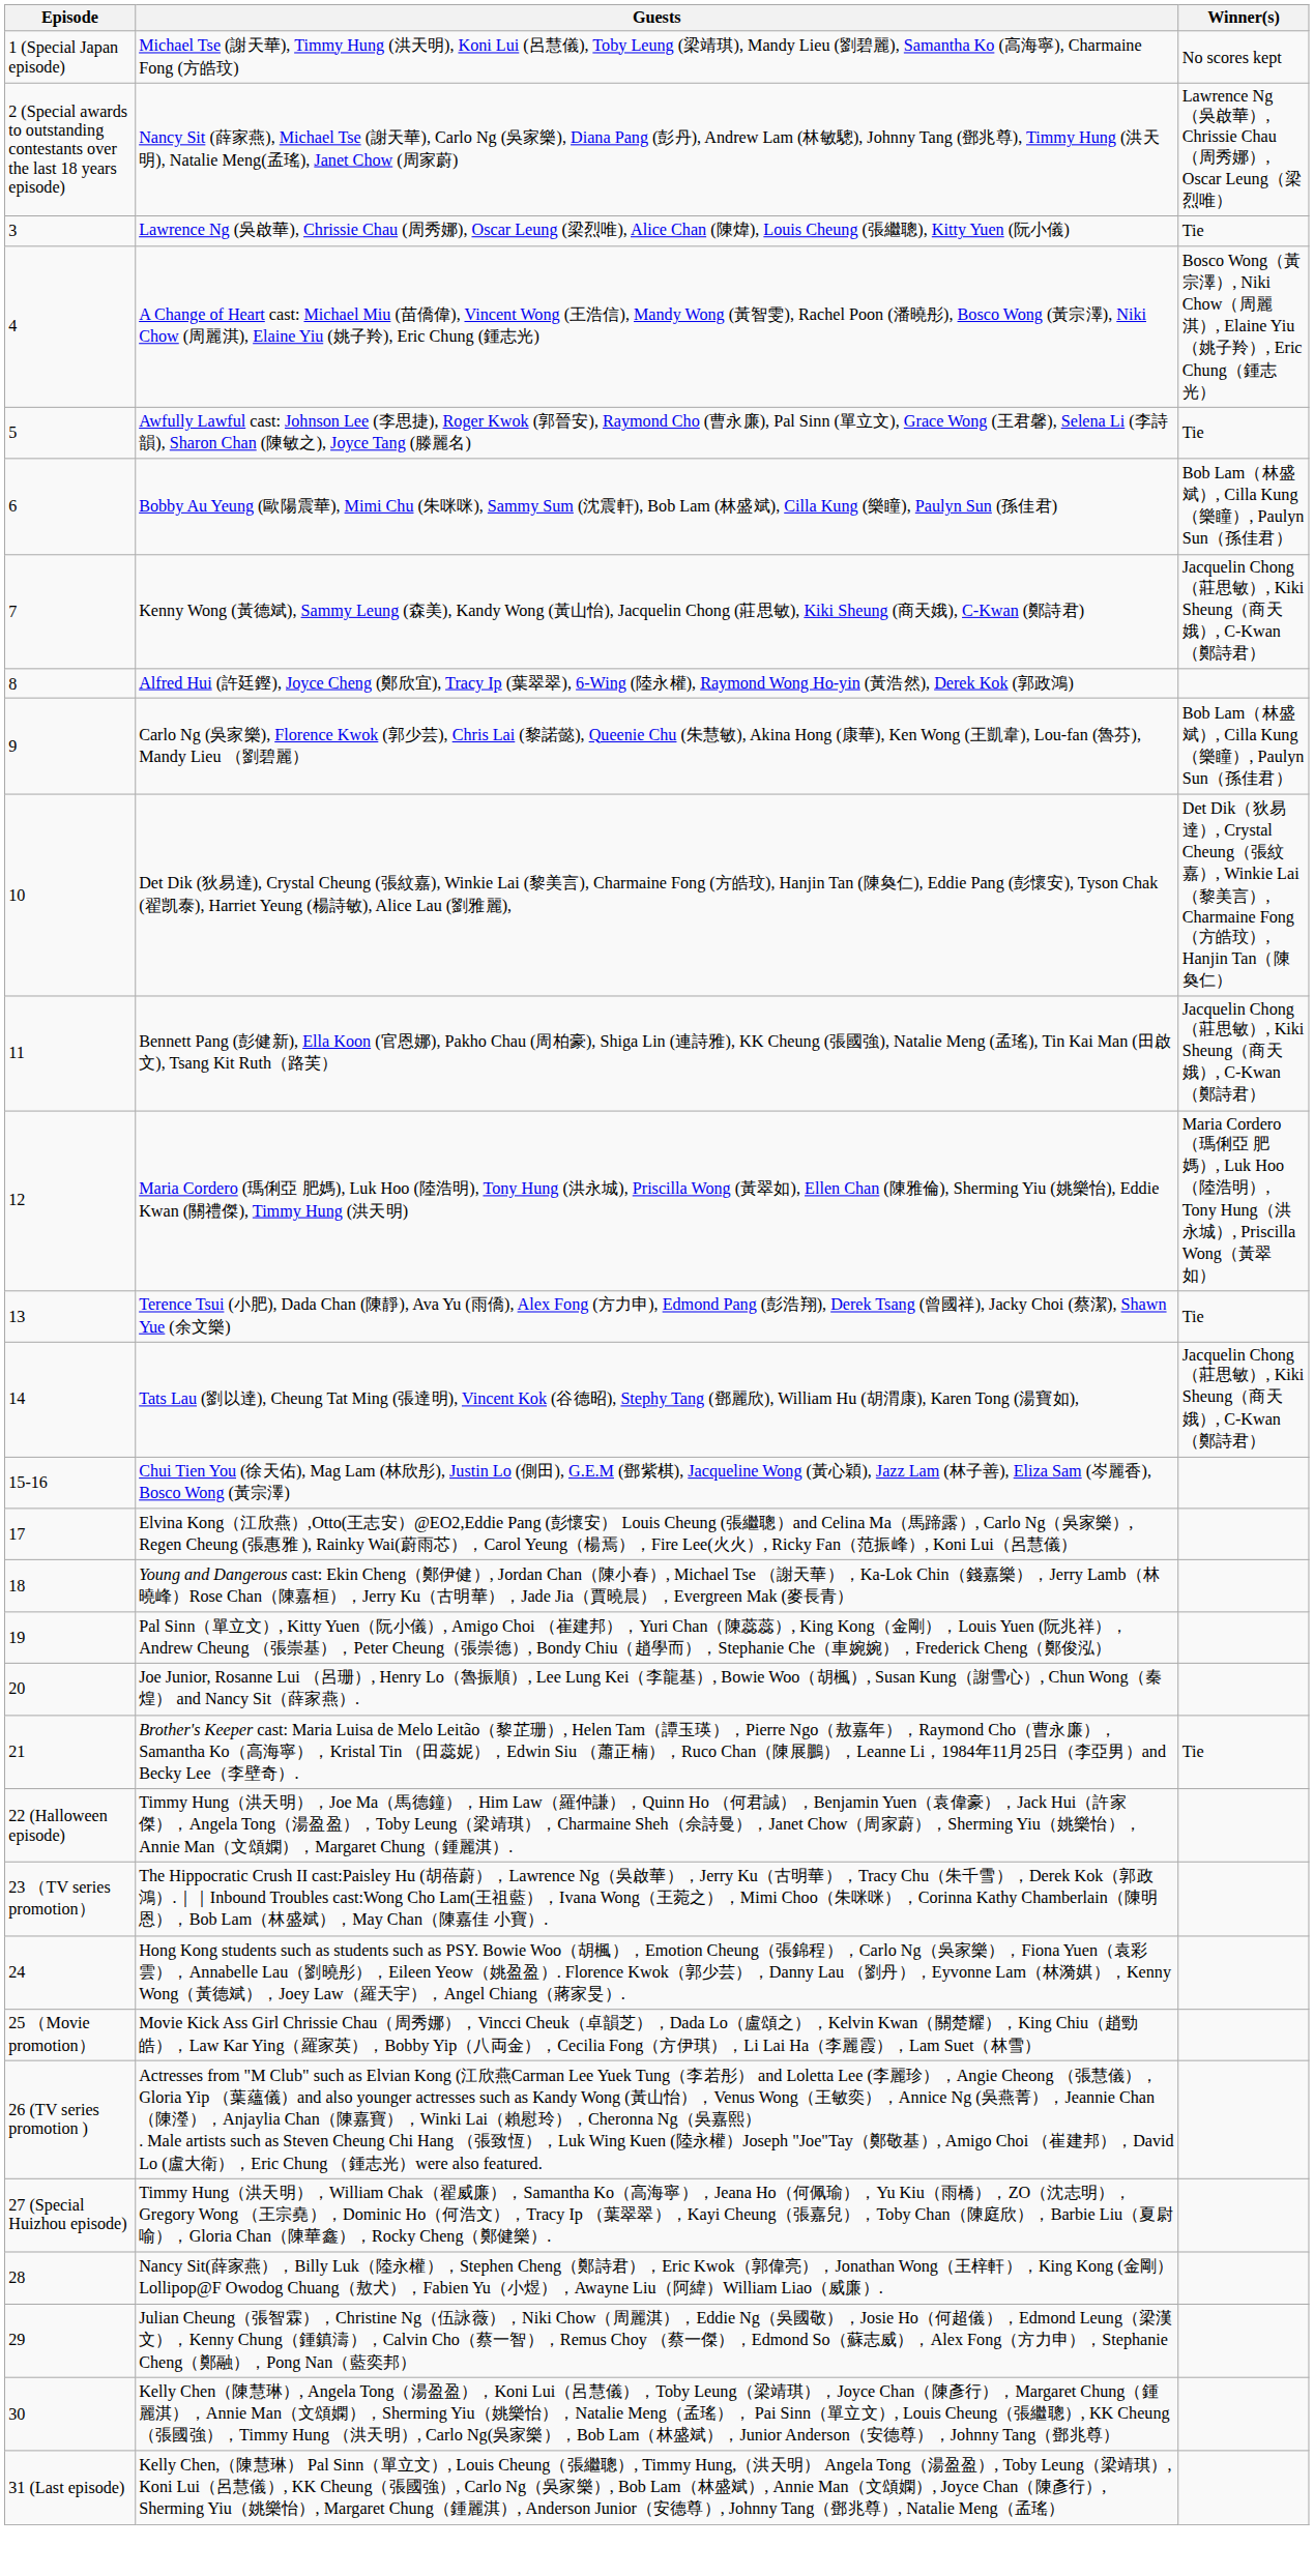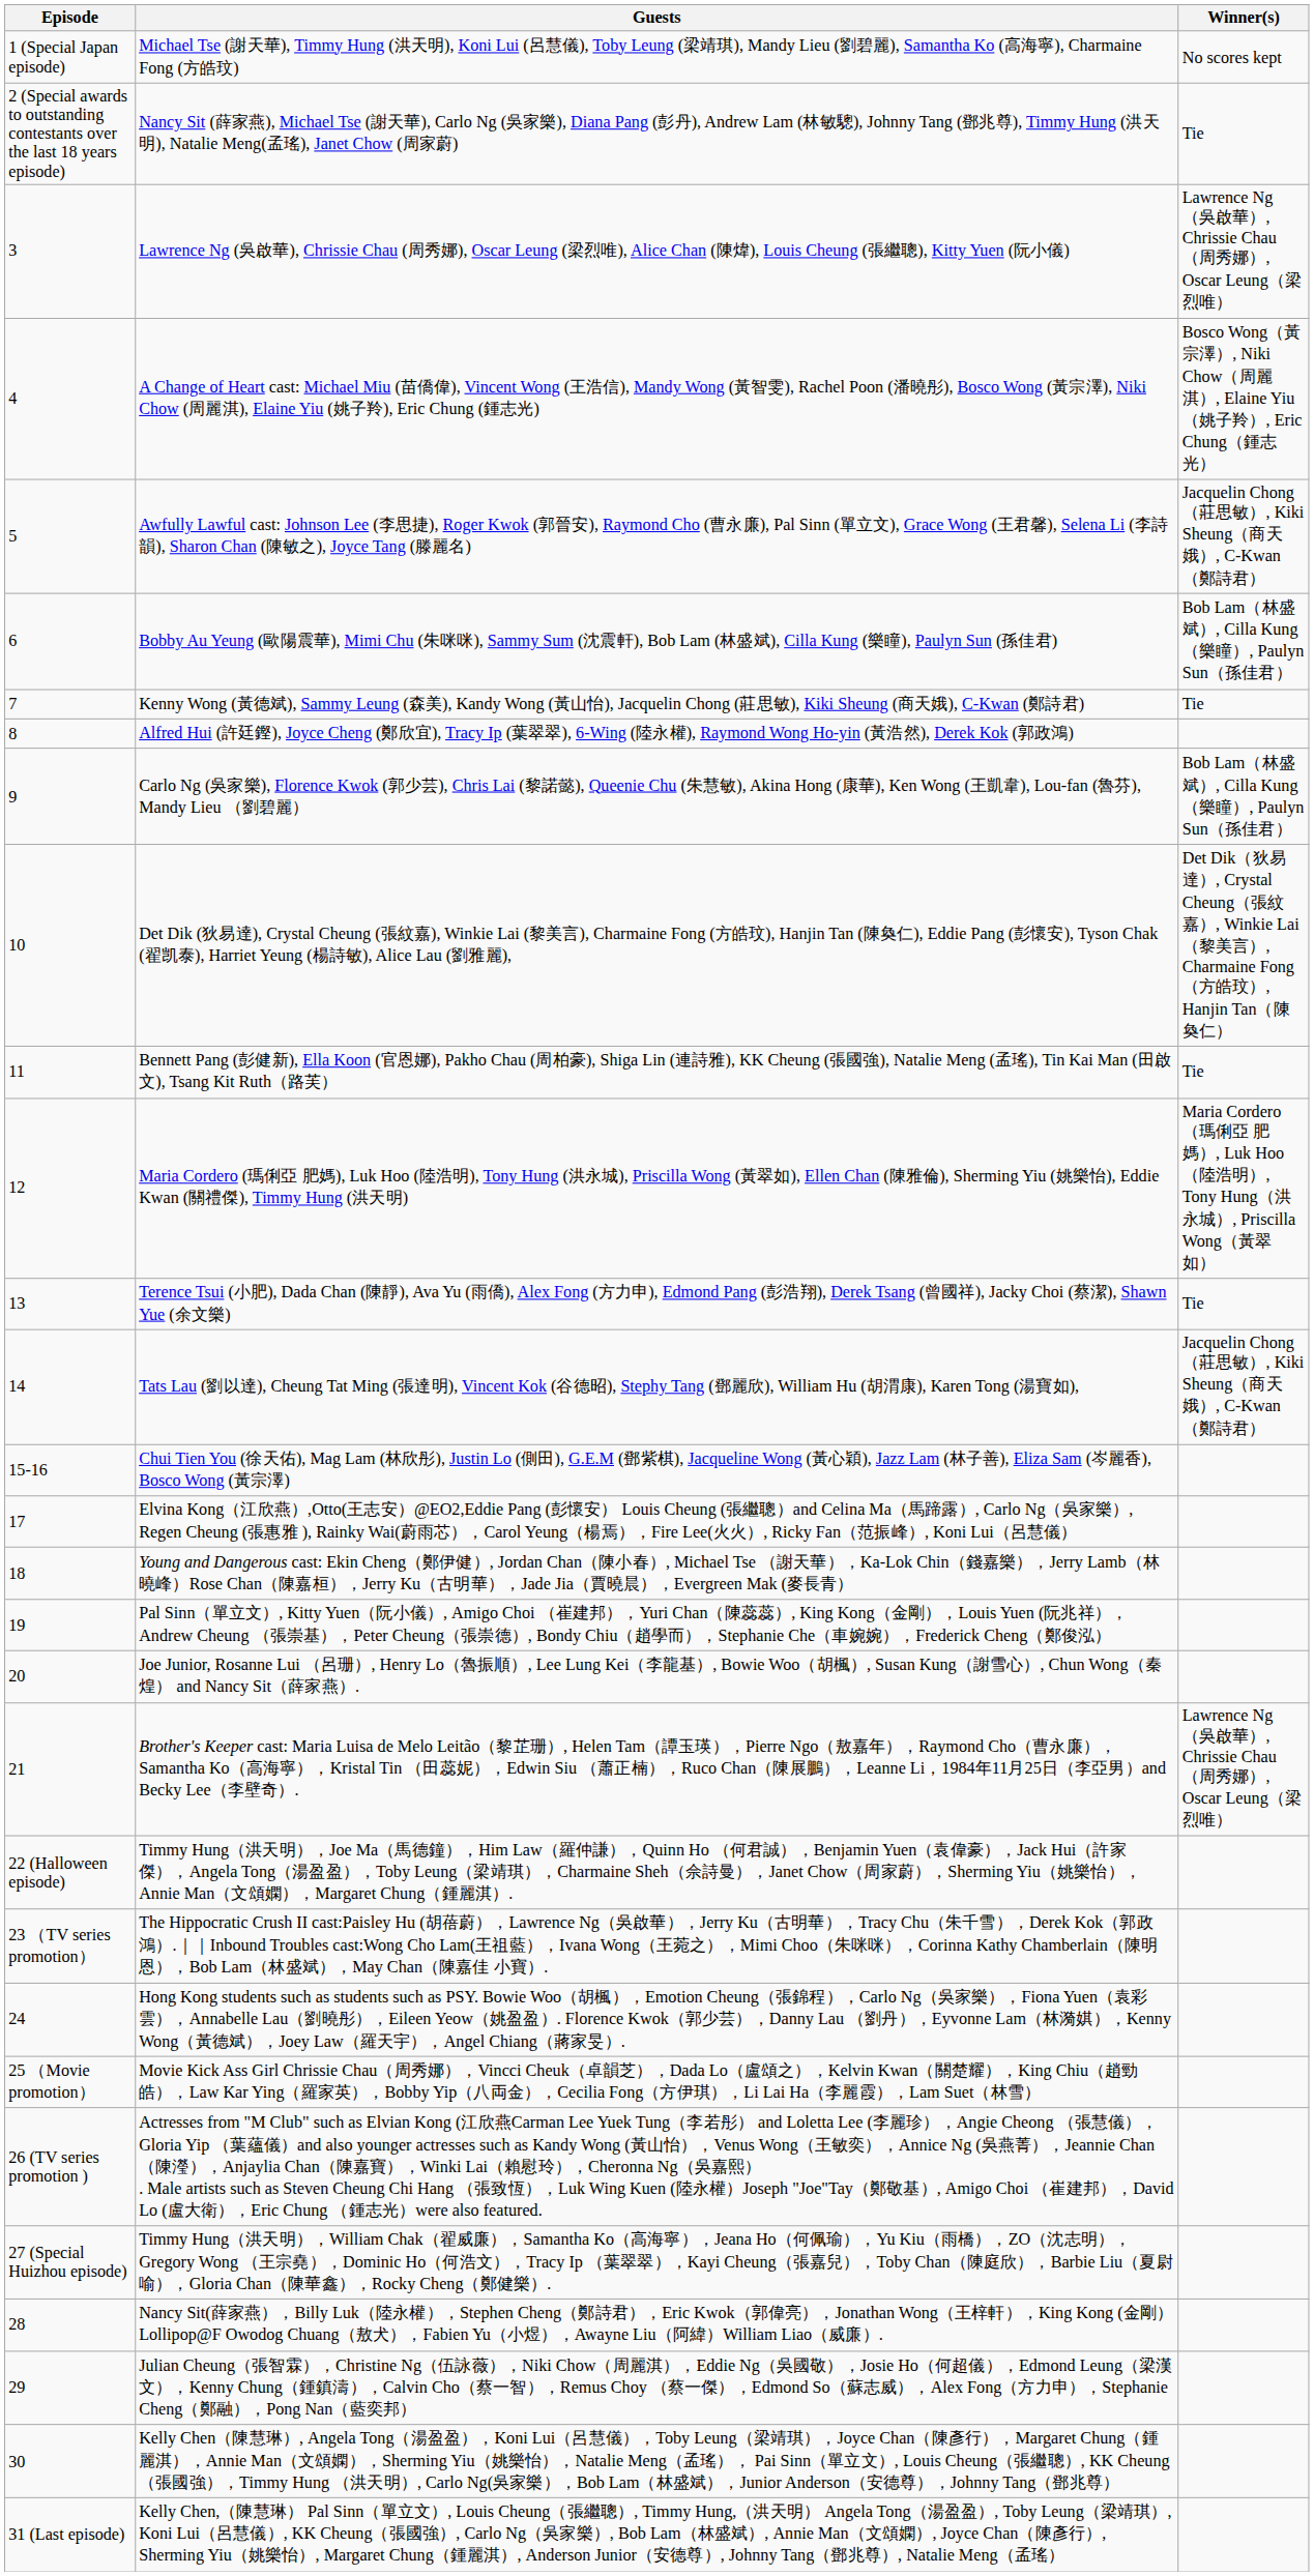 <table class="wikitable">
 <tr>
 <th style="width:10%;">Episode</th>
 <th style="width:80%;">Guests</th>
 <th style="width:10%;">Winner(s)</th>
 </tr>
 <tr>
 <td>1 (Special Japan episode)</td>
 <td><a href='#'>Michael Tse</a> (謝天華), <a href='#'>Timmy Hung</a> (洪天明),  <a href='#'>Koni Lui</a> (呂慧儀), <a href='#'>Toby Leung</a> (梁靖琪), Mandy Lieu (劉碧麗), <a href='#'>Samantha Ko</a> (高海寧), Charmaine Fong (方皓玟)</td>
 <td>No scores kept</td>
 </tr>
 <tr>
 <td>2 (Special awards to outstanding contestants over the last 18 years episode)</td>
 <td><a href='#'>Nancy Sit</a> (薛家燕), <a href='#'>Michael Tse</a> (謝天華), Carlo Ng (吳家樂), <a href='#'>Diana Pang</a> (彭丹), Andrew Lam (林敏驄), Johnny Tang (鄧兆尊), <a href='#'>Timmy Hung</a> (洪天明), Natalie Meng(孟瑤), <a href='#'>Janet Chow</a> (周家蔚)</td>
-<td>Lawrence Ng（吳啟華）, Chrissie Chau（周秀娜）, Oscar Leung（梁烈唯）</td>
+<td>Tie</td>
 </tr>
 <tr>
 <td>3</td>
 <td><a href='#'>Lawrence Ng</a> (吳啟華),  <a href='#'>Chrissie Chau</a> (周秀娜), <a href='#'>Oscar Leung</a> (梁烈唯), <a href='#'>Alice Chan</a> (陳煒), <a href='#'>Louis Cheung</a> (張繼聰), <a href='#'>Kitty Yuen</a> (阮小儀)</td>
-<td>Tie</td>
+<td>Lawrence Ng（吳啟華）, Chrissie Chau（周秀娜）, Oscar Leung（梁烈唯）</td>
 </tr>
 <tr>
 <td>4</td>
 <td><a href='#'>A Change of Heart</a> cast: <a href='#'>Michael Miu</a> (苗僑偉), <a href='#'>Vincent Wong</a> (王浩信), <a href='#'>Mandy Wong</a> (黃智雯), Rachel Poon (潘曉彤), <a href='#'>Bosco Wong</a> (黃宗澤), <a href='#'>Niki Chow</a> (周麗淇), <a href='#'>Elaine Yiu</a> (姚子羚), Eric Chung (鍾志光)</td>
 <td>Bosco Wong（黃宗澤）, Niki Chow（周麗淇）, Elaine Yiu（姚子羚）, Eric Chung（鍾志光）</td>
 </tr>
 <tr>
 <td>5</td>
 <td><a href='#'>Awfully Lawful</a> cast: <a href='#'>Johnson Lee</a> (李思捷), <a href='#'>Roger Kwok</a> (郭晉安), <a href='#'>Raymond Cho</a> (曹永廉), Pal Sinn (單立文), <a href='#'>Grace Wong</a> (王君馨), <a href='#'>Selena Li</a> (李詩韻), <a href='#'>Sharon Chan</a> (陳敏之), <a href='#'>Joyce Tang</a> (滕麗名)</td>
-<td>Tie</td>
+<td>Jacquelin Chong（莊思敏）, Kiki Sheung（商天娥）, C-Kwan（鄭詩君）</td>
 </tr>
 <tr>
 <td>6</td>
 <td><a href='#'>Bobby Au Yeung</a> (歐陽震華), <a href='#'>Mimi Chu</a> (朱咪咪), <a href='#'>Sammy Sum</a> (沈震軒), Bob Lam (林盛斌), <a href='#'>Cilla Kung</a> (樂瞳), <a href='#'>Paulyn Sun</a> (孫佳君)</td>
 <td>Bob Lam（林盛斌）, Cilla Kung（樂瞳）, Paulyn Sun（孫佳君）</td>
 </tr>
 <tr>
 <td>7</td>
 <td>Kenny Wong (黃德斌), <a href='#'>Sammy Leung</a> (森美), Kandy Wong (黃山怡), Jacquelin Chong (莊思敏), <a href='#'>Kiki Sheung</a> (商天娥), <a href='#'>C-Kwan</a> (鄭詩君)</td>
-<td>Jacquelin Chong（莊思敏）, Kiki Sheung（商天娥）, C-Kwan（鄭詩君）</td>
+<td>Tie</td>
 </tr>
 <tr>
 <td>8</td>
 <td><a href='#'>Alfred Hui</a> (許廷鏗), <a href='#'>Joyce Cheng</a> (鄭欣宜), <a href='#'>Tracy Ip</a> (葉翠翠), <a href='#'>6-Wing</a> (陸永權), <a href='#'>Raymond Wong Ho-yin</a> (黃浩然), <a href='#'>Derek Kok</a> (郭政鴻)</td>
 <td></td>
 </tr>
 <tr>
 <td>9</td>
 <td>Carlo Ng (吳家樂), <a href='#'>Florence Kwok</a> (郭少芸), <a href='#'>Chris Lai</a> (黎諾懿), <a href='#'>Queenie Chu</a> (朱慧敏), Akina Hong (康華), Ken Wong (王凱韋), Lou-fan (魯芬), Mandy Lieu （劉碧麗）</td>
 <td>Bob Lam（林盛斌）, Cilla Kung（樂瞳）, Paulyn Sun（孫佳君）</td>
 </tr>
 <tr>
 <td>10</td>
 <td>Det Dik (狄易達), Crystal Cheung (張紋嘉), Winkie Lai (黎美言), Charmaine Fong (方皓玟), Hanjin Tan (陳奐仁), Eddie Pang (彭懷安), Tyson Chak (翟凯泰), Harriet Yeung (楊詩敏), Alice Lau (劉雅麗),</td>
 <td>Det Dik（狄易達）, Crystal Cheung（張紋嘉）, Winkie Lai（黎美言）, Charmaine Fong（方皓玟）, Hanjin Tan（陳奐仁）</td>
 </tr>
 <tr>
 <td>11</td>
 <td>Bennett Pang (彭健新), <a href='#'>Ella Koon</a> (官恩娜), Pakho Chau (周柏豪), Shiga Lin (連詩雅), KK Cheung (張國強), Natalie Meng (孟瑤), Tin Kai Man (田啟文), Tsang Kit Ruth（路芙）</td>
-<td>Jacquelin Chong（莊思敏）, Kiki Sheung（商天娥）, C-Kwan（鄭詩君）</td>
+<td>Tie</td>
 </tr>
 <tr>
 <td>12</td>
 <td><a href='#'>Maria Cordero</a> (瑪俐亞 肥媽), Luk Hoo (陸浩明), <a href='#'>Tony Hung</a> (洪永城), <a href='#'>Priscilla Wong</a> (黃翠如), <a href='#'>Ellen Chan</a> (陳雅倫), Sherming Yiu (姚樂怡), Eddie Kwan (關禮傑), <a href='#'>Timmy Hung</a> (洪天明)</td>
 <td>Maria Cordero（瑪俐亞 肥媽）, Luk Hoo（陸浩明）, Tony Hung（洪永城）, Priscilla Wong（黃翠如）</td>
 </tr>
 <tr>
 <td>13</td>
 <td><a href='#'>Terence Tsui</a> (小肥), Dada Chan (陳靜), Ava Yu (雨僑), <a href='#'>Alex Fong</a> (方力申), <a href='#'>Edmond Pang</a> (彭浩翔), <a href='#'>Derek Tsang</a> (曾國祥), Jacky Choi (蔡潔), <a href='#'>Shawn Yue</a> (余文樂)</td>
 <td>Tie</td>
 </tr>
 <tr>
 <td>14</td>
 <td><a href='#'>Tats Lau</a> (劉以達), Cheung Tat Ming (張達明), <a href='#'>Vincent Kok</a> (谷德昭), <a href='#'>Stephy Tang</a> (鄧麗欣), William Hu (胡渭康), Karen Tong (湯寶如),</td>
 <td>Jacquelin Chong（莊思敏）, Kiki Sheung（商天娥）, C-Kwan（鄭詩君）</td>
 </tr>
 <tr>
 <td>15-16</td>
 <td><a href='#'>Chui Tien You</a> (徐天佑), Mag Lam (林欣彤), <a href='#'>Justin Lo</a> (側田), <a href='#'>G.E.M</a> (鄧紫棋), <a href='#'>Jacqueline Wong</a> (黃心穎), <a href='#'>Jazz Lam</a> (林子善), <a href='#'>Eliza Sam</a> (岑麗香), <a href='#'>Bosco Wong</a> (黃宗澤)</td>
 <td></td>
 </tr>
 <tr>
 <td>17</td>
 <td>Elvina Kong（江欣燕）,Otto(王志安）@EO2,Eddie Pang (彭懷安） Louis Cheung (張繼聰）and Celina Ma（馬蹄露）, Carlo Ng（吳家樂）, Regen Cheung (張惠雅 ), Rainky Wai(蔚雨芯），Carol Yeung（楊焉），Fire Lee(火火）, Ricky Fan（范振峰）, Koni Lui（呂慧儀）</td>
 <td></td>
 </tr>
 <tr>
 <td>18</td>
 <td><em>Young and Dangerous</em> cast: Ekin Cheng（鄭伊健）, Jordan Chan（陳小春）, Michael Tse （謝天華），Ka-Lok Chin（錢嘉樂），Jerry Lamb（林曉峰）Rose Chan（陳嘉桓），Jerry Ku（古明華），Jade Jia（賈曉晨），Evergreen Mak (麥長青）</td>
 <td></td>
 </tr>
 <tr>
 <td>19</td>
 <td>Pal Sinn（單立文）, Kitty Yuen（阮小儀）, Amigo Choi （崔建邦），Yuri Chan（陳蕊蕊）, King Kong（金剛），Louis Yuen (阮兆祥），Andrew Cheung （張崇基），Peter Cheung（張崇德）, Bondy Chiu（趙學而），Stephanie Che（車婉婉），Frederick Cheng（鄭俊泓）</td>
 <td></td>
 </tr>
 <tr>
 <td>20</td>
 <td>Joe Junior, Rosanne Lui （呂珊）, Henry Lo（魯振順）, Lee Lung Kei（李龍基）, Bowie Woo（胡楓）, Susan Kung（謝雪心）, Chun Wong（秦煌） and Nancy Sit（薛家燕）.</td>
 <td></td>
 </tr>
 <tr>
 <td>21</td>
 <td><em>Brother's Keeper</em> cast: Maria Luisa de Melo Leitão（黎芷珊）, Helen Tam（譚玉瑛），Pierre Ngo（敖嘉年），Raymond Cho（曹永廉），Samantha Ko（高海寧），Kristal Tin （田蕊妮），Edwin Siu （蕭正楠），Ruco Chan（陳展鵬），Leanne Li，1984年11月25日（李亞男）and Becky Lee（李壁奇）.</td>
-<td>Tie</td>
+<td>Lawrence Ng（吳啟華）, Chrissie Chau（周秀娜）, Oscar Leung（梁烈唯）</td>
 </tr>
 <tr>
 <td>22 (Halloween episode)</td>
 <td>Timmy Hung（洪天明），Joe Ma（馬德鐘），Him Law（羅仲謙），Quinn Ho （何君誠），Benjamin Yuen（袁偉豪），Jack Hui（許家傑），Angela Tong（湯盈盈），Toby Leung（梁靖琪），Charmaine Sheh（佘詩曼），Janet Chow（周家蔚），Sherming Yiu（姚樂怡），Annie Man（文頌嫻），Margaret Chung（鍾麗淇）.</td>
 <td></td>
 </tr>
 <tr>
 <td>23 （TV series promotion）</td>
 <td>The Hippocratic Crush II cast:Paisley Hu (胡蓓蔚），Lawrence Ng（吳啟華），Jerry Ku（古明華），Tracy Chu（朱千雪），Derek Kok（郭政鴻）.｜｜Inbound Troubles cast:Wong Cho Lam(王祖藍），Ivana Wong（王菀之），Mimi Choo（朱咪咪），Corinna Kathy Chamberlain（陳明恩），Bob Lam（林盛斌），May Chan（陳嘉佳 小寶）.</td>
 <td></td>
 </tr>
 <tr>
 <td>24</td>
 <td>Hong Kong students such as students such as PSY. Bowie Woo（胡楓），Emotion Cheung（張錦程），Carlo Ng（吳家樂），Fiona Yuen（袁彩雲），Annabelle Lau（劉曉彤），Eileen Yeow（姚盈盈）. Florence Kwok（郭少芸），Danny Lau （劉丹），Eyvonne Lam（林漪娸），Kenny Wong（黃德斌），Joey Law（羅天宇），Angel Chiang（蔣家旻）.</td>
 <td></td>
 </tr>
 <tr>
 <td>25 （Movie promotion）</td>
 <td>Movie Kick Ass Girl Chrissie Chau（周秀娜），Vincci Cheuk（卓韻芝），Dada Lo（盧頌之），Kelvin Kwan（關楚耀），King Chiu（趙勁皓），Law Kar Ying（羅家英），Bobby Yip（八両金），Cecilia Fong（方伊琪），Li Lai Ha（李麗霞），Lam Suet（林雪）</td>
 <td></td>
 </tr>
 <tr>
 <td>26 (TV series promotion )</td>
 <td>Actresses from "M Club" such as Elvian Kong (江欣燕Carman Lee Yuek Tung（李若彤） and Loletta Lee (李麗珍），Angie Cheong （張慧儀），Gloria Yip （葉蘊儀）and also younger actresses such as Kandy Wong (黃山怡），Venus Wong（王敏奕），Annice Ng (吳燕菁），Jeannie Chan（陳瀅），Anjaylia Chan（陳嘉寶），Winki Lai（賴慰玲），Cheronna Ng（吳嘉熙）<br>. Male artists such as Steven Cheung Chi Hang （張致恆），Luk Wing Kuen (陸永權）Joseph "Joe"Tay（鄭敬基）, Amigo Choi （崔建邦），David Lo (盧大衛），Eric Chung （鍾志光）were also featured.</td>
 <td></td>
 </tr>
 <tr>
 <td>27 (Special Huizhou episode)</td>
 <td>Timmy Hung（洪天明），William Chak（翟威廉），Samantha Ko（高海寧），Jeana Ho（何佩瑜），Yu Kiu（雨橋），ZO（沈志明），Gregory Wong （王宗堯），Dominic Ho（何浩文），Tracy Ip （葉翠翠），Kayi Cheung（張嘉兒），Toby Chan（陳庭欣），Barbie Liu（夏尉喻），Gloria Chan（陳華鑫），Rocky Cheng（鄭健樂）.</td>
 </tr>
 <tr>
 <td>28</td>
 <td>Nancy Sit(薛家燕），Billy Luk（陸永權），Stephen Cheng（鄭詩君），Eric Kwok（郭偉亮），Jonathan Wong（王梓軒），King Kong (金剛）Lollipop@F Owodog Chuang（敖犬），Fabien Yu（小煜），Awayne Liu（阿緯）William Liao（威廉）.</td>
 <td></td>
 </tr>
 <tr>
 <td>29</td>
 <td>Julian Cheung（張智霖），Christine Ng（伍詠薇），Niki Chow（周麗淇），Eddie Ng（吳國敬），Josie Ho（何超儀），Edmond Leung（梁漢文），Kenny Chung（鍾鎮濤），Calvin Cho（蔡一智），Remus Choy （蔡一傑），Edmond So（蘇志威），Alex Fong（方力申），Stephanie Cheng（鄭融），Pong Nan（藍奕邦）</td>
 <td></td>
 </tr>
 <tr>
 <td>30</td>
 <td>Kelly Chen（陳慧琳）, Angela Tong（湯盈盈），Koni Lui（呂慧儀），Toby Leung（梁靖琪），Joyce Chan（陳彥行），Margaret Chung（鍾麗淇），Annie Man（文頌嫻），Sherming Yiu（姚樂怡），Natalie Meng（孟瑤）， Pai Sinn（單立文）, Louis Cheung（張繼聰）, KK Cheung（張國強），Timmy Hung （洪天明）, Carlo Ng(吳家樂），Bob Lam（林盛斌），Junior Anderson（安德尊），Johnny Tang（鄧兆尊）</td>
 <td></td>
 </tr>
 <tr>
 <td>31 (Last episode)</td>
 <td>Kelly Chen,（陳慧琳） Pal Sinn（單立文）, Louis Cheung（張繼聰）, Timmy Hung,（洪天明） Angela Tong（湯盈盈）, Toby Leung（梁靖琪）, Koni Lui（呂慧儀）, KK Cheung（張國強）, Carlo Ng（吳家樂）, Bob Lam（林盛斌）, Annie Man（文頌嫻）, Joyce Chan（陳彥行）, Sherming Yiu（姚樂怡）, Margaret Chung（鍾麗淇）, Anderson Junior（安德尊）, Johnny Tang（鄧兆尊）, Natalie Meng（孟瑤）</td>
 <td></td>
 </tr>
 </table>
